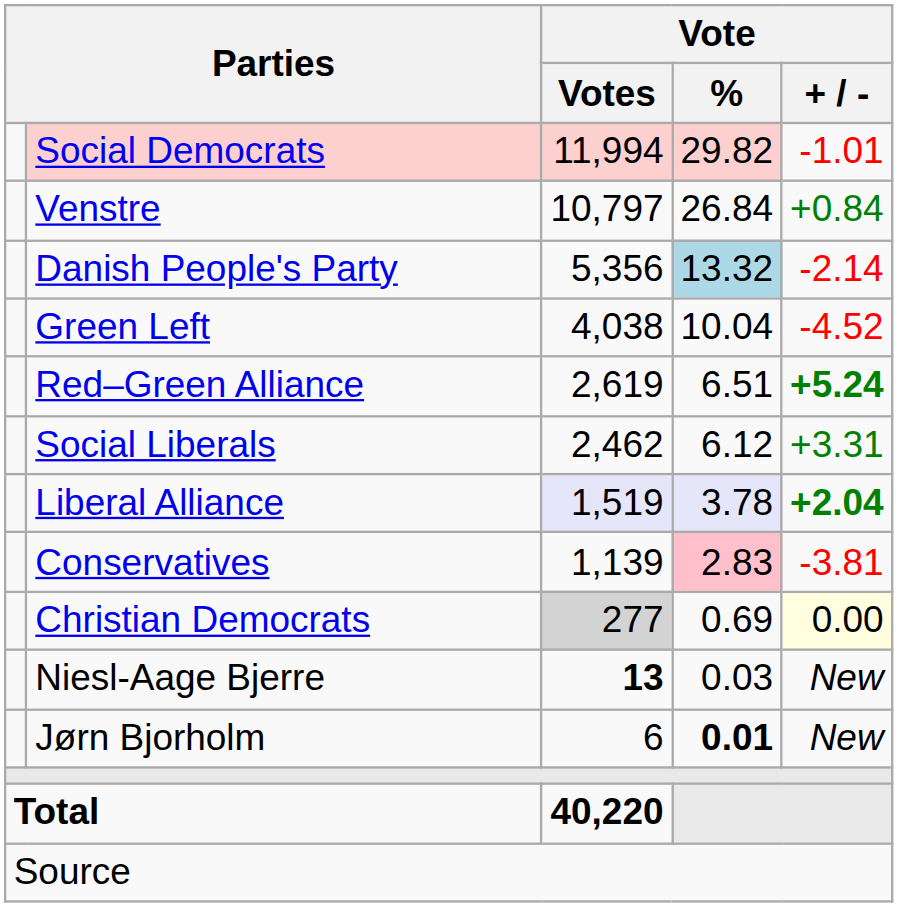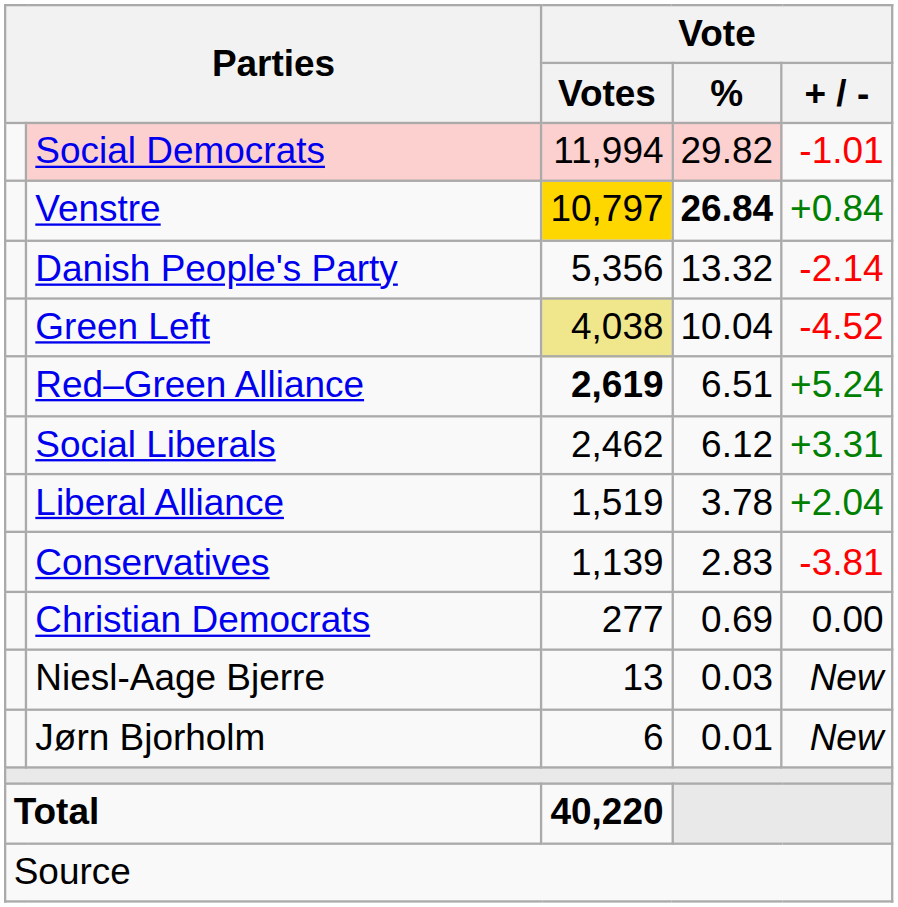 <table class="wikitable" style="text-align:right;">
 <tr>
 <th style="text-align:centre;" rowspan="2" colspan="2" width="225">Parties</th>
 <th colspan="3">Vote</th>
 </tr>
 <tr>
 <th width="15">Votes</th>
 <th width="15">%</th>
 <th width="15">+ / -</th>
 </tr>
 <tr>
 <td width="2" style="color:inherit;background:"></td>
 <td bgcolor=#fbd0ce  align="left"><a href='#'>Social Democrats</a></td>
 <td bgcolor=#fbd0ce>11,994</td>
 <td bgcolor=#fbd0ce>29.82</td>
 <td style=color:red;>-1.01</td>
 </tr>
 <tr>
 <td width="2" style="color:inherit;background:"></td>
 <td align="left"><a href='#'>Venstre</a></td>
-<td>10,797</td>
-<td>26.84</td>
+<td style="background: gold;">10,797</td>
+<td><strong>26.84</strong></td>
 <td style=color:green;>+0.84</td>
 </tr>
 <tr>
 <td width="2" style="color:inherit;background:"></td>
 <td align="left"><a href='#'>Danish People's Party</a></td>
 <td>5,356</td>
-<td style="background: lightblue;">13.32</td>
+<td>13.32</td>
 <td style=color:red;>-2.14</td>
 </tr>
 <tr>
 <td width="2" style="color:inherit;background:"></td>
 <td align="left"><a href='#'>Green Left</a></td>
-<td>4,038</td>
+<td style="background: khaki;">4,038</td>
 <td>10.04</td>
 <td style=color:red;>-4.52</td>
 </tr>
 <tr>
 <td width="2" style="color:inherit;background:"></td>
 <td align="left"><a href='#'>Red–Green Alliance</a></td>
-<td>2,619</td>
+<td><strong>2,619</strong></td>
 <td>6.51</td>
-<td style=color:green;><strong>+5.24</strong></td>
+<td style=color:green;>+5.24</td>
 </tr>
 <tr>
 <td width="2" style="color:inherit;background:"></td>
 <td align="left"><a href='#'>Social Liberals</a></td>
 <td>2,462</td>
 <td>6.12</td>
 <td style=color:green;>+3.31</td>
 </tr>
 <tr>
 <td width="2" style="color:inherit;background:"></td>
 <td align="left"><a href='#'>Liberal Alliance</a></td>
-<td style="background: lavender;">1,519</td>
-<td style="background: lavender;">3.78</td>
-<td style=color:green;><strong>+2.04</strong></td>
+<td>1,519</td>
+<td>3.78</td>
+<td style=color:green;>+2.04</td>
 </tr>
 <tr>
 <td width="2" style="color:inherit;background:"></td>
 <td align="left"><a href='#'>Conservatives</a></td>
 <td>1,139</td>
-<td style="background: pink;">2.83</td>
+<td>2.83</td>
 <td style=color:red;>-3.81</td>
 </tr>
 <tr>
 <td width="2" style="color:inherit;background:"></td>
 <td align="left"><a href='#'>Christian Democrats</a></td>
-<td style="background: lightgrey;">277</td>
+<td>277</td>
 <td>0.69</td>
-<td style="background: lightyellow;">0.00</td>
+<td>0.00</td>
 </tr>
 <tr>
 <td width="2" style="color:inherit;background:"></td>
 <td align="left">Niesl-Aage Bjerre</td>
-<td><strong>13</strong></td>
+<td>13</td>
 <td>0.03</td>
 <td><em>New</em></td>
 </tr>
 <tr>
 <td width="2" style="color:inherit;background:"></td>
 <td align="left">Jørn Bjorholm</td>
 <td>6</td>
-<td><strong>0.01</strong></td>
+<td>0.01</td>
 <td><em>New</em></td>
 </tr>
 <tr>
 <td colspan="7" bgcolor="#E9E9E9"></td>
 </tr>
 <tr>
 <td align="left" colspan="2"><strong>Total</strong></td>
 <td><strong>40,220</strong></td>
 <td bgcolor="#E9E9E9" colspan="2"></td>
 </tr>
 <tr>
 <td align="left" colspan="6">Source</td>
 </tr>
 </table>
